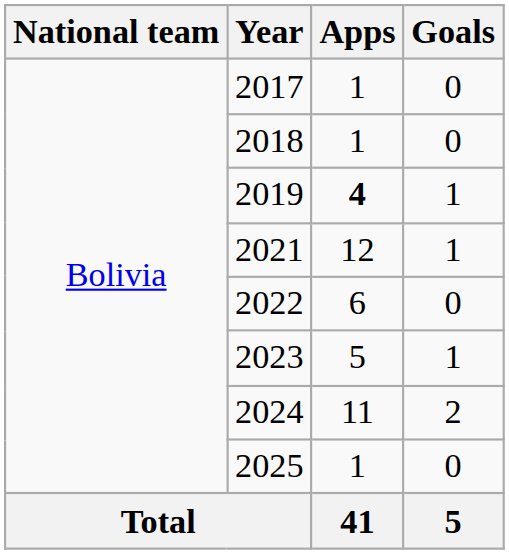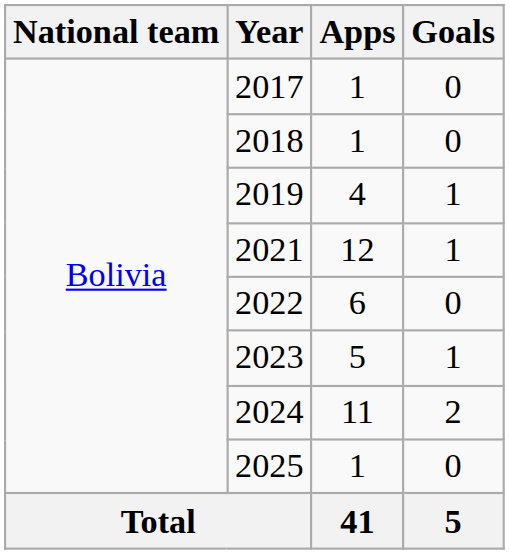 <table class="wikitable" style="text-align:center">
 <tr>
 <th>National team</th>
 <th>Year</th>
 <th>Apps</th>
 <th>Goals</th>
 </tr>
 <tr>
 <td rowspan="8"><a href='#'>Bolivia</a></td>
 <td>2017</td>
 <td>1</td>
 <td>0</td>
 </tr>
 <tr>
 <td>2018</td>
 <td>1</td>
 <td>0</td>
 </tr>
 <tr>
 <td>2019</td>
-<td><strong>4</strong></td>
+<td>4</td>
 <td>1</td>
 </tr>
 <tr>
 <td>2021</td>
 <td>12</td>
 <td>1</td>
 </tr>
 <tr>
 <td>2022</td>
 <td>6</td>
 <td>0</td>
 </tr>
 <tr>
 <td>2023</td>
 <td>5</td>
 <td>1</td>
 </tr>
 <tr>
 <td>2024</td>
 <td>11</td>
 <td>2</td>
 </tr>
 <tr>
 <td>2025</td>
 <td>1</td>
 <td>0</td>
 </tr>
 <tr>
 <th colspan="2">Total</th>
 <th>41</th>
 <th>5</th>
 </tr>
 </table>
